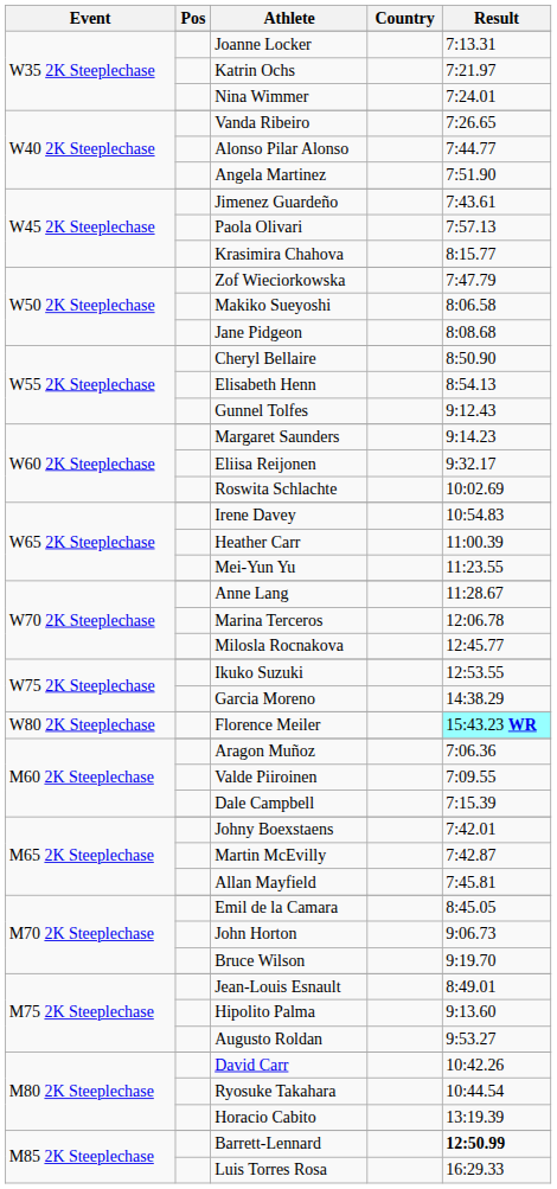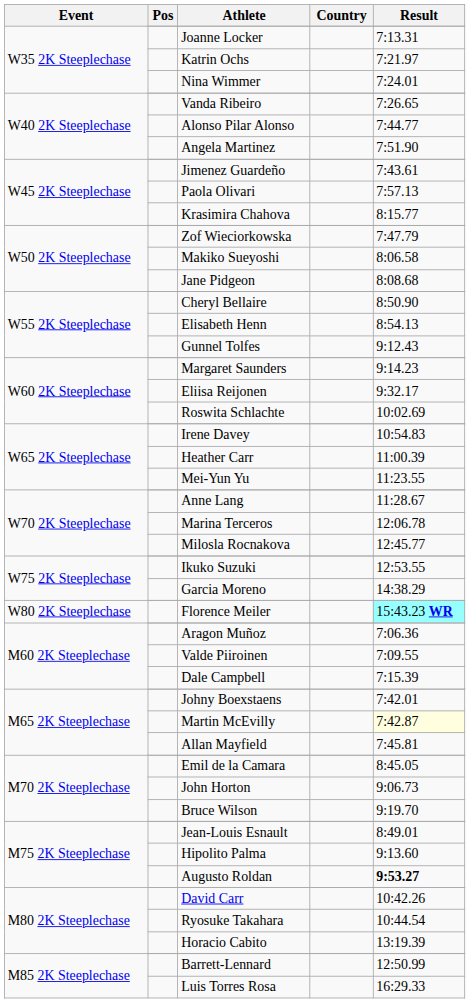 <table class="wikitable" style="width:60%;">
 <tr>
 <th>Event</th>
 <th>Pos</th>
 <th>Athlete</th>
 <th>Country</th>
 <th>Result</th>
 </tr>
 <tr>
 <td rowspan='4'>W35 <a href='#'>2K Steeplechase</a></td>
 </tr>
 <tr>
 <td align=center></td>
 <td align=left>Joanne Locker</td>
 <td align=left></td>
 <td>7:13.31</td>
 </tr>
 <tr>
 <td align=center></td>
 <td align=left>Katrin Ochs</td>
 <td align=left></td>
 <td>7:21.97</td>
 </tr>
 <tr>
 <td align=center></td>
 <td align=left>Nina Wimmer</td>
 <td align=left></td>
 <td>7:24.01</td>
 </tr>
 <tr>
 <td rowspan='4'>W40 <a href='#'>2K Steeplechase</a></td>
 </tr>
 <tr>
 <td align=center></td>
 <td align=left>Vanda Ribeiro</td>
 <td align=left></td>
 <td>7:26.65</td>
 </tr>
 <tr>
 <td align=center></td>
 <td align=left>Alonso Pilar Alonso</td>
 <td align=left></td>
 <td>7:44.77</td>
 </tr>
 <tr>
 <td align=center></td>
 <td align=left>Angela Martinez</td>
 <td align=left></td>
 <td>7:51.90</td>
 </tr>
 <tr>
 <td rowspan='4'>W45 <a href='#'>2K Steeplechase</a></td>
 </tr>
 <tr>
 <td align=center></td>
 <td align=left>Jimenez Guardeño</td>
 <td align=left></td>
 <td>7:43.61</td>
 </tr>
 <tr>
 <td align=center></td>
 <td align=left>Paola Olivari</td>
 <td align=left></td>
 <td>7:57.13</td>
 </tr>
 <tr>
 <td align=center></td>
 <td align=left>Krasimira Chahova</td>
 <td align=left></td>
 <td>8:15.77</td>
 </tr>
 <tr>
 <td rowspan='4'>W50 <a href='#'>2K Steeplechase</a></td>
 </tr>
 <tr>
 <td align=center></td>
 <td align=left>Zof Wieciorkowska</td>
 <td align=left></td>
 <td>7:47.79</td>
 </tr>
 <tr>
 <td align=center></td>
 <td align=left>Makiko  Sueyoshi</td>
 <td align=left></td>
 <td>8:06.58</td>
 </tr>
 <tr>
 <td align=center></td>
 <td align=left>Jane Pidgeon</td>
 <td align=left></td>
 <td>8:08.68</td>
 </tr>
 <tr>
 <td rowspan='4'>W55 <a href='#'>2K Steeplechase</a><br></td>
 </tr>
 <tr>
 <td align=center></td>
 <td align=left>Cheryl Bellaire</td>
 <td align=left></td>
 <td>8:50.90</td>
 </tr>
 <tr>
 <td align=center></td>
 <td align=left>Elisabeth Henn</td>
 <td align=left></td>
 <td>8:54.13</td>
 </tr>
 <tr>
 <td align=center></td>
 <td align=left>Gunnel Tolfes</td>
 <td align=left></td>
 <td>9:12.43</td>
 </tr>
 <tr>
 <td rowspan='4'>W60 <a href='#'>2K Steeplechase</a><br></td>
 </tr>
 <tr>
 <td align=center></td>
 <td align=left>Margaret Saunders</td>
 <td align=left></td>
 <td>9:14.23</td>
 </tr>
 <tr>
 <td align=center></td>
 <td align=left>Eliisa Reijonen</td>
 <td align=left></td>
 <td>9:32.17</td>
 </tr>
 <tr>
 <td align=center></td>
 <td align=left>Roswita Schlachte</td>
 <td align=left></td>
 <td>10:02.69</td>
 </tr>
 <tr>
 <td rowspan='4'>W65 <a href='#'>2K Steeplechase</a></td>
 </tr>
 <tr>
 <td align=center></td>
 <td align=left>Irene Davey</td>
 <td align=left></td>
 <td>10:54.83</td>
 </tr>
 <tr>
 <td align=center></td>
 <td align=left>Heather Carr</td>
 <td align=left></td>
 <td>11:00.39</td>
 </tr>
 <tr>
 <td align=center></td>
 <td align=left>Mei-Yun Yu</td>
 <td align=left></td>
 <td>11:23.55</td>
 </tr>
 <tr>
 <td rowspan='4'>W70 <a href='#'>2K Steeplechase</a></td>
 </tr>
 <tr>
 <td align=center></td>
 <td align=left>Anne Lang</td>
 <td align=left></td>
 <td>11:28.67</td>
 </tr>
 <tr>
 <td align=center></td>
 <td align=left>Marina Terceros</td>
 <td align=left></td>
 <td>12:06.78</td>
 </tr>
 <tr>
 <td align=center></td>
 <td align=left>Milosla Rocnakova</td>
 <td align=left></td>
 <td>12:45.77</td>
 </tr>
 <tr>
 <td rowspan='3'>W75 <a href='#'>2K Steeplechase</a></td>
 </tr>
 <tr>
 <td align=center></td>
 <td align=left>Ikuko Suzuki</td>
 <td align=left></td>
 <td>12:53.55</td>
 </tr>
 <tr>
 <td align=center></td>
 <td align=left>Garcia Moreno</td>
 <td align=left></td>
 <td>14:38.29</td>
 </tr>
 <tr>
 <td rowspan='2'>W80 <a href='#'>2K Steeplechase</a></td>
 </tr>
 <tr>
 <td align=center></td>
 <td align=left>Florence Meiler</td>
 <td align=left></td>
 <td bgcolor=#97ffff>15:43.23 <strong><a href='#'>WR</a></strong></td>
 </tr>
 <tr>
 <td rowspan='4'>M60 <a href='#'>2K Steeplechase</a></td>
 </tr>
 <tr>
 <td align=center></td>
 <td align=left>Aragon Muñoz</td>
 <td align=left></td>
 <td>7:06.36</td>
 </tr>
 <tr>
 <td align=center></td>
 <td align=left>Valde Piiroinen</td>
 <td align=left></td>
 <td>7:09.55</td>
 </tr>
 <tr>
 <td align=center></td>
 <td align=left>Dale Campbell</td>
 <td align=left></td>
 <td>7:15.39</td>
 </tr>
 <tr>
 <td rowspan='4'>M65 <a href='#'>2K Steeplechase</a></td>
 </tr>
 <tr>
 <td align=center></td>
 <td align=left>Johny Boexstaens</td>
 <td align=left></td>
 <td>7:42.01</td>
 </tr>
 <tr>
 <td align=center></td>
 <td align=left>Martin McEvilly</td>
 <td align=left></td>
-<td>7:42.87</td>
+<td style="background: lightyellow;">7:42.87</td>
 </tr>
 <tr>
 <td align=center></td>
 <td align=left>Allan Mayfield</td>
 <td align=left></td>
 <td>7:45.81</td>
 </tr>
 <tr>
 <td rowspan='4'>M70 <a href='#'>2K Steeplechase</a></td>
 </tr>
 <tr>
 <td align=center></td>
 <td align=left>Emil de la Camara</td>
 <td align=left></td>
 <td>8:45.05</td>
 </tr>
 <tr>
 <td align=center></td>
 <td align=left>John Horton</td>
 <td align=left></td>
 <td>9:06.73</td>
 </tr>
 <tr>
 <td align=center></td>
 <td align=left>Bruce Wilson</td>
 <td align=left></td>
 <td>9:19.70</td>
 </tr>
 <tr>
 <td rowspan='4'>M75 <a href='#'>2K Steeplechase</a></td>
 </tr>
 <tr>
 <td align=center></td>
 <td align=left>Jean-Louis Esnault</td>
 <td align=left></td>
 <td>8:49.01</td>
 </tr>
 <tr>
 <td align=center></td>
 <td align=left>Hipolito Palma</td>
 <td align=left></td>
 <td>9:13.60</td>
 </tr>
 <tr>
 <td align=center></td>
 <td align=left>Augusto Roldan</td>
 <td align=left></td>
-<td>9:53.27</td>
+<td><strong>9:53.27</strong></td>
 </tr>
 <tr>
 <td rowspan='4'>M80 <a href='#'>2K Steeplechase</a></td>
 </tr>
 <tr>
 <td align=center></td>
 <td align=left><a href='#'>David Carr</a></td>
 <td align=left></td>
 <td>10:42.26</td>
 </tr>
 <tr>
 <td align=center></td>
 <td align=left>Ryosuke Takahara</td>
 <td align=left></td>
 <td>10:44.54</td>
 </tr>
 <tr>
 <td align=center></td>
 <td align=left>Horacio Cabito</td>
 <td align=left></td>
 <td>13:19.39</td>
 </tr>
 <tr>
 <td rowspan='3'>M85 <a href='#'>2K Steeplechase</a></td>
 </tr>
 <tr>
 <td align=center></td>
 <td align=left>Barrett-Lennard</td>
 <td align=left></td>
-<td><strong>12:50.99</strong></td>
+<td>12:50.99</td>
 </tr>
 <tr>
 <td align=center></td>
 <td align=left>Luis Torres Rosa</td>
 <td align=left></td>
 <td>16:29.33</td>
 </tr>
 </table>
